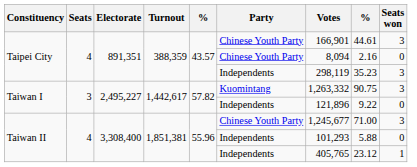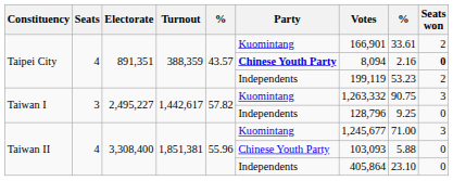 <table class=wikitable style=text-align:right>
 <tr>
 <th>Constituency</th>
 <th>Seats</th>
 <th>Electorate</th>
 <th>Turnout</th>
 <th>%</th>
 <th>Party</th>
 <th>Votes</th>
 <th>%</th>
 <th>Seats<br>won</th>
 </tr>
 <tr>
 <td rowspan="3" align=left>Taipei City</td>
 <td rowspan="3">4</td>
 <td rowspan="3">891,351</td>
 <td rowspan="3">388,359</td>
 <td rowspan="3">43.57</td>
-<td align=left><a href='#'>Chinese Youth Party</a></td>
+<td align="left"><a href='#'>Kuomintang</a></td>
 <td>166,901</td>
-<td>44.61</td>
-<td>3</td>
+<td>33.61</td>
+<td>2</td>
 </tr>
 <tr>
-<td align="left"><a href='#'>Chinese Youth Party</a></td>
+<td align="left"><strong><a href='#'>Chinese Youth Party</a></strong></td>
 <td>8,094</td>
 <td>2.16</td>
-<td>0</td>
+<td><strong>0</strong></td>
 </tr>
 <tr>
 <td align="left">Independents</td>
-<td>298,119</td>
-<td>35.23</td>
-<td>3</td>
+<td>199,119</td>
+<td>53.23</td>
+<td>2</td>
 </tr>
 <tr>
 <td rowspan="2" align=left>Taiwan I</td>
 <td rowspan="2">3</td>
 <td rowspan="2">2,495,227</td>
 <td rowspan="2">1,442,617</td>
 <td rowspan="2">57.82</td>
 <td align=left><a href='#'>Kuomintang</a></td>
 <td>1,263,332</td>
 <td>90.75</td>
 <td>3</td>
 </tr>
 <tr>
 <td align=left>Independents</td>
-<td>121,896</td>
-<td>9.22</td>
+<td>128,796</td>
+<td>9.25</td>
 <td>0</td>
 </tr>
 <tr>
 <td rowspan="3" align=left>Taiwan II</td>
 <td rowspan="3">4</td>
 <td rowspan="3">3,308,400</td>
 <td rowspan="3">1,851,381</td>
 <td rowspan="3">55.96</td>
-<td align="left"><a href='#'>Chinese Youth Party</a></td>
+<td align=left><a href='#'>Kuomintang</a></td>
 <td>1,245,677</td>
 <td>71.00</td>
 <td>3</td>
 </tr>
 <tr>
-<td align=left>Independents</td>
-<td>101,293</td>
+<td align=left><a href='#'>Chinese Youth Party</a></td>
+<td>103,093</td>
 <td>5.88</td>
 <td>0</td>
 </tr>
 <tr>
 <td align=left>Independents</td>
-<td>405,765</td>
-<td>23.12</td>
-<td>1</td>
+<td>405,864</td>
+<td>23.10</td>
+<td>0</td>
 </tr>
 </table>
